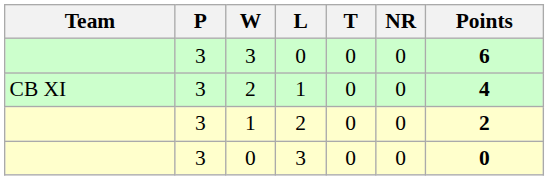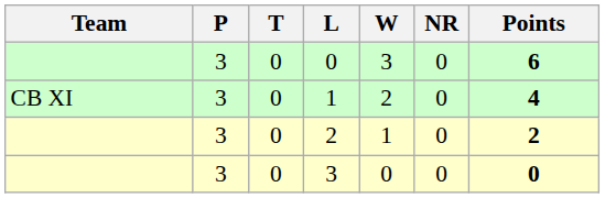 <table class="wikitable" style="text-align:center;">
 <tr>
 <th width=120>Team</th>
 <th width=30 abbr="Played">P</th>
+<th width=30 abbr="Tied">T</th>
+<th width=30 abbr="Lost">L</th>
 <th width=30 abbr="Won">W</th>
-<th width=30 abbr="Lost">L</th>
-<th width=30 abbr="Tied">T</th>
 <th width=30 abbr="No result">NR</th>
 <th width=80 abbr="Points">Points</th>
 </tr>
 <tr bgcolor=ccffcc>
 <td align="left"></td>
 <td>3</td>
-<td>3</td>
 <td>0</td>
 <td>0</td>
+<td>3</td>
 <td>0</td>
 <td><strong>6</strong></td>
 </tr>
 <tr bgcolor=ccffcc>
 <td align="left"> CB XI</td>
 <td>3</td>
+<td>0</td>
+<td>1</td>
 <td>2</td>
-<td>1</td>
-<td>0</td>
 <td>0</td>
 <td><strong>4</strong></td>
 </tr>
 <tr bgcolor=ffffcc>
 <td align="left"></td>
 <td>3</td>
+<td>0</td>
+<td>2</td>
 <td>1</td>
-<td>2</td>
-<td>0</td>
 <td>0</td>
 <td><strong>2</strong></td>
 </tr>
 <tr bgcolor=ffffcc>
 <td align="left"></td>
 <td>3</td>
 <td>0</td>
 <td>3</td>
 <td>0</td>
 <td>0</td>
 <td><strong>0</strong></td>
 </tr>
 </table>
